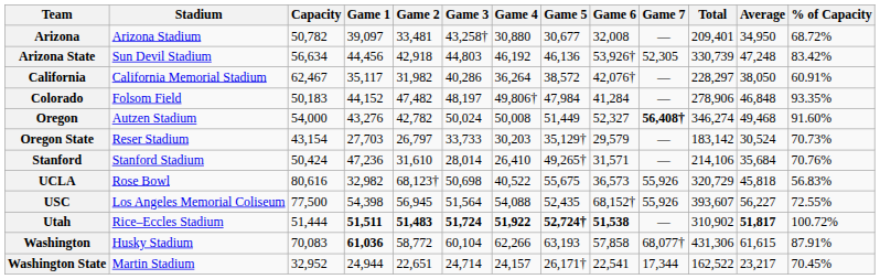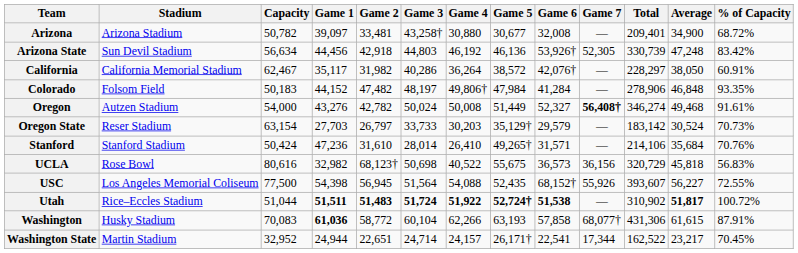 <table class="wikitable sortable">
 <tr>
 <th>Team</th>
 <th>Stadium</th>
 <th>Capacity</th>
 <th>Game 1</th>
 <th>Game 2</th>
 <th>Game 3</th>
 <th>Game 4</th>
 <th>Game 5</th>
 <th>Game 6</th>
 <th>Game 7</th>
 <th>Total</th>
 <th>Average</th>
 <th>% of Capacity</th>
 </tr>
 <tr>
 <th>Arizona</th>
 <td><a href='#'>Arizona Stadium</a></td>
 <td>50,782</td>
 <td>39,097</td>
 <td>33,481</td>
 <td>43,258†</td>
 <td>30,880</td>
 <td>30,677</td>
 <td>32,008</td>
 <td style="text-align:center;">—</td>
 <td>209,401</td>
-<td>34,950</td>
+<td>34,900</td>
 <td>68.72%</td>
 </tr>
 <tr>
 <th>Arizona State</th>
 <td><a href='#'>Sun Devil Stadium</a></td>
 <td>56,634</td>
 <td>44,456</td>
 <td>42,918</td>
 <td>44,803</td>
 <td>46,192</td>
 <td>46,136</td>
 <td>53,926†</td>
 <td>52,305</td>
 <td>330,739</td>
 <td>47,248</td>
 <td>83.42%</td>
 </tr>
 <tr>
 <th>California</th>
 <td><a href='#'>California Memorial Stadium</a></td>
 <td>62,467</td>
 <td>35,117</td>
 <td>31,982</td>
 <td>40,286</td>
 <td>36,264</td>
 <td>38,572</td>
 <td>42,076†</td>
 <td style="text-align:center;">—</td>
 <td>228,297</td>
 <td>38,050</td>
 <td>60.91%</td>
 </tr>
 <tr>
 <th>Colorado</th>
 <td><a href='#'>Folsom Field</a></td>
 <td>50,183</td>
 <td>44,152</td>
 <td>47,482</td>
 <td>48,197</td>
 <td>49,806†</td>
 <td>47,984</td>
 <td>41,284</td>
 <td style="text-align:center;">—</td>
 <td>278,906</td>
 <td>46,848</td>
 <td>93.35%</td>
 </tr>
 <tr>
 <th>Oregon</th>
 <td><a href='#'>Autzen Stadium</a></td>
 <td>54,000</td>
 <td>43,276</td>
 <td>42,782</td>
 <td>50,024</td>
 <td>50,008</td>
 <td>51,449</td>
 <td>52,327</td>
 <td><strong>56,408†</strong></td>
 <td>346,274</td>
 <td>49,468</td>
-<td>91.60%</td>
+<td>91.61%</td>
 </tr>
 <tr>
 <th>Oregon State</th>
 <td><a href='#'>Reser Stadium</a></td>
-<td>43,154</td>
+<td>63,154</td>
 <td>27,703</td>
 <td>26,797</td>
 <td>33,733</td>
 <td>30,203</td>
 <td>35,129†</td>
 <td>29,579</td>
 <td style="text-align:center;">—</td>
 <td>183,142</td>
 <td>30,524</td>
 <td>70.73%</td>
 </tr>
 <tr>
 <th>Stanford</th>
 <td><a href='#'>Stanford Stadium</a></td>
 <td>50,424</td>
 <td>47,236</td>
 <td>31,610</td>
 <td>28,014</td>
 <td>26,410</td>
 <td>49,265†</td>
 <td>31,571</td>
 <td style="text-align:center;">—</td>
 <td>214,106</td>
 <td>35,684</td>
 <td>70.76%</td>
 </tr>
 <tr>
 <th>UCLA</th>
 <td><a href='#'>Rose Bowl</a></td>
 <td>80,616</td>
 <td>32,982</td>
 <td>68,123†</td>
 <td>50,698</td>
 <td>40,522</td>
 <td>55,675</td>
 <td>36,573</td>
-<td>55,926</td>
+<td>36,156</td>
 <td>320,729</td>
 <td>45,818</td>
 <td>56.83%</td>
 </tr>
 <tr>
 <th>USC</th>
 <td><a href='#'>Los Angeles Memorial Coliseum</a></td>
 <td>77,500</td>
 <td>54,398</td>
 <td>56,945</td>
 <td>51,564</td>
 <td>54,088</td>
 <td>52,435</td>
 <td>68,152†</td>
 <td>55,926</td>
 <td>393,607</td>
 <td>56,227</td>
 <td>72.55%</td>
 </tr>
 <tr>
 <th>Utah</th>
 <td><a href='#'>Rice–Eccles Stadium</a></td>
-<td>51,444</td>
+<td>51,044</td>
 <td><strong>51,511</strong></td>
 <td><strong>51,483</strong></td>
 <td><strong>51,724</strong></td>
 <td><strong>51,922</strong></td>
 <td><strong>52,724†</strong></td>
 <td><strong>51,538</strong></td>
 <td style="text-align:center;">—</td>
 <td>310,902</td>
 <td><strong>51,817</strong></td>
 <td>100.72%</td>
 </tr>
 <tr>
 <th>Washington</th>
 <td><a href='#'>Husky Stadium</a></td>
 <td>70,083</td>
 <td><strong>61,036</strong></td>
 <td>58,772</td>
 <td>60,104</td>
 <td>62,266</td>
 <td>63,193</td>
 <td>57,858</td>
 <td>68,077†</td>
 <td>431,306</td>
 <td>61,615</td>
 <td>87.91%</td>
 </tr>
 <tr>
 <th>Washington State</th>
 <td><a href='#'>Martin Stadium</a></td>
 <td>32,952</td>
 <td>24,944</td>
 <td>22,651</td>
 <td>24,714</td>
 <td>24,157</td>
 <td>26,171†</td>
 <td>22,541</td>
 <td>17,344</td>
 <td>162,522</td>
 <td>23,217</td>
 <td>70.45%</td>
 </tr>
 </table>
